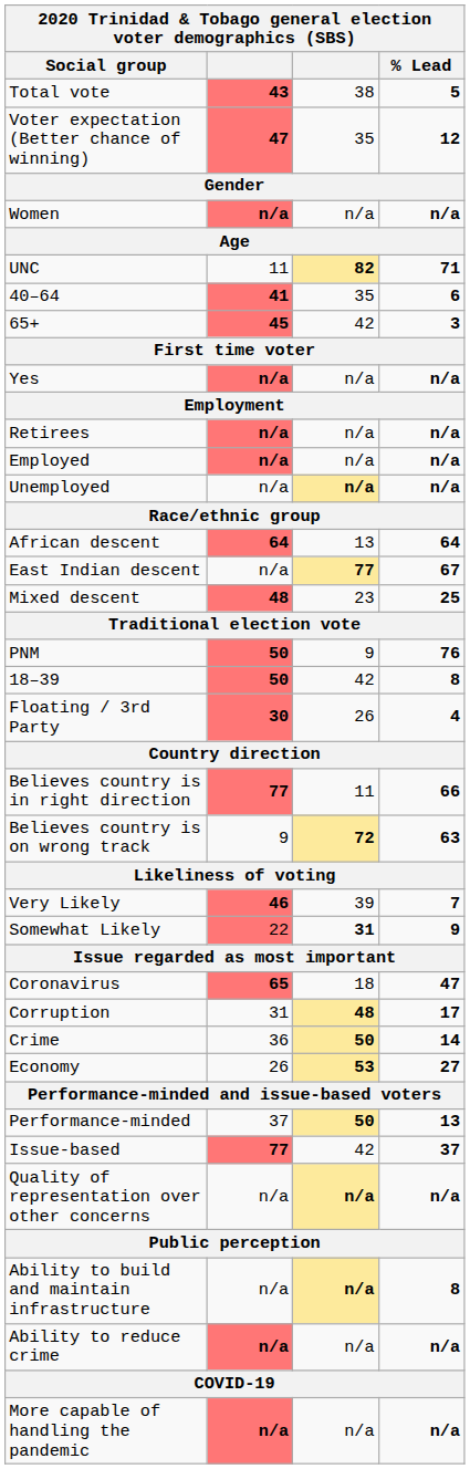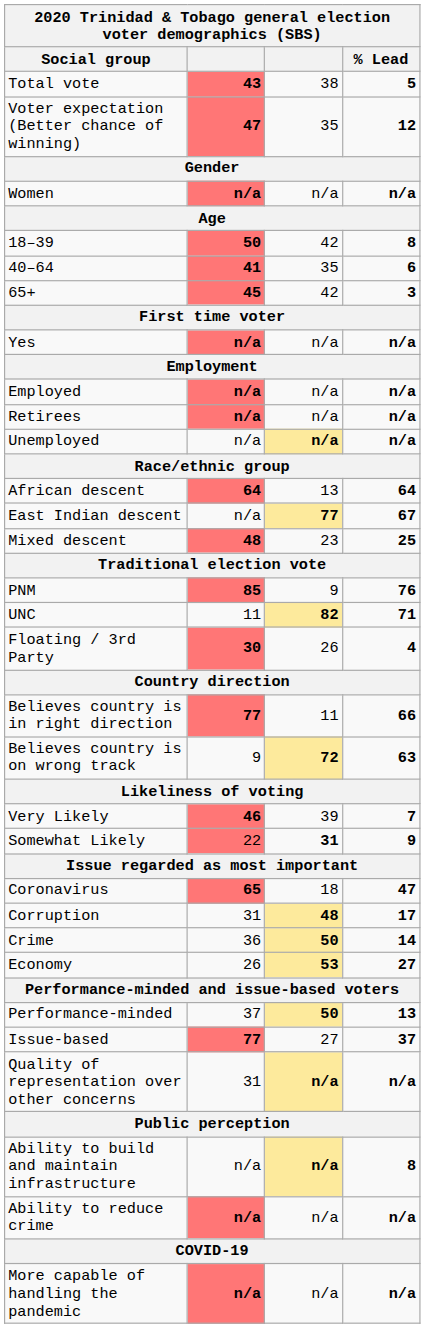 <table class=wikitable>
 <tr>
 <th colspan="4">2020 Trinidad & Tobago general election voter demographics (SBS)</th>
 </tr>
 <tr>
 <th style="width:150px;">Social group</th>
 <th style="width:60px;" class="unsortable" style="background:"><a href='#'></a></th>
 <th style="width:60px;" class="unsortable" style="background:"><a href='#'></a></th>
 <th style="width:60px;" class="unsortable">% Lead</th>
 </tr>
 <tr>
 <td>Total vote</td>
 <td style="text-align:right; background:#FF7676;"><strong>43</strong></td>
 <td style="text-align:right;">38</td>
 <td style="text-align:right; background:"><strong>5</strong></td>
 </tr>
 <tr>
 <td>Voter expectation (Better chance of winning)</td>
 <td style="text-align:right; background:#FF7676;"><strong>47</strong></td>
 <td style="text-align:right;">35</td>
 <td style="text-align:right; background:"><strong>12</strong></td>
 </tr>
 <tr>
 <th colspan="4">Gender</th>
 </tr>
 <tr>
 <td>Women</td>
 <td style="text-align:right; background:#FF7676;"><strong>n/a</strong></td>
 <td style="text-align:right;">n/a</td>
 <td style="text-align:right; background:"><strong>n/a</strong></td>
 </tr>
 <tr>
 <th colspan="4">Age</th>
 </tr>
 <tr>
-<td>UNC</td>
-<td style="text-align:right;">11</td>
-<td style="text-align:right; background:#FDEA9C;"><strong>82</strong></td>
-<td style="text-align:right; background:"><strong>71</strong></td>
+<td>18–39</td>
+<td style="text-align:right; background:#FF7676;"><strong>50</strong></td>
+<td style="text-align:right;">42</td>
+<td style="text-align:right; background:"><strong>8</strong></td>
 </tr>
 <tr>
 <td>40–64</td>
 <td style="text-align:right; background:#FF7676;"><strong>41</strong></td>
 <td style="text-align:right;">35</td>
 <td style="text-align:right; background:"><strong>6</strong></td>
 </tr>
 <tr>
 <td>65+</td>
 <td style="text-align:right; background:#FF7676;"><strong>45</strong></td>
 <td style="text-align:right;">42</td>
 <td style="text-align:right; background:"><strong>3</strong></td>
 </tr>
 <tr>
 <th colspan="4">First time voter</th>
 </tr>
 <tr>
 <td>Yes</td>
 <td style="text-align:right; background:#FF7676;"><strong>n/a</strong></td>
 <td style="text-align:right;">n/a</td>
 <td style="text-align:right; background:"><strong>n/a</strong></td>
 </tr>
 <tr>
 <th colspan="4">Employment</th>
 </tr>
 <tr>
-<td>Retirees</td>
+<td>Employed</td>
 <td style="text-align:right; background:#FF7676;"><strong>n/a</strong></td>
 <td style="text-align:right;">n/a</td>
 <td style="text-align:right; background:"><strong>n/a</strong></td>
 </tr>
 <tr>
-<td>Employed</td>
+<td>Retirees</td>
 <td style="text-align:right; background:#FF7676;"><strong>n/a</strong></td>
 <td style="text-align:right;">n/a</td>
 <td style="text-align:right; background:"><strong>n/a</strong></td>
 </tr>
 <tr>
 <td>Unemployed</td>
 <td style="text-align:right;">n/a</td>
 <td style="text-align:right; background:#FDEA9C;"><strong>n/a</strong></td>
 <td style="text-align:right; background:"><strong>n/a</strong></td>
 </tr>
 <tr>
 <th colspan="4">Race/ethnic group</th>
 </tr>
 <tr>
 <td>African descent</td>
 <td style="text-align:right; background:#FF7676;"><strong>64</strong></td>
 <td style="text-align:right;">13</td>
 <td style="text-align:right; background:"><strong>64</strong></td>
 </tr>
 <tr>
 <td>East Indian descent</td>
 <td style="text-align:right;">n/a</td>
 <td style="text-align:right; background:#FDEA9C;"><strong>77</strong></td>
 <td style="text-align:right; background:"><strong>67</strong></td>
 </tr>
 <tr>
 <td>Mixed descent</td>
 <td style="text-align:right; background:#FF7676;"><strong>48</strong></td>
 <td style="text-align:right;">23</td>
 <td style="text-align:right; background:"><strong>25</strong></td>
 </tr>
 <tr>
 <th colspan="4">Traditional election vote</th>
 </tr>
 <tr>
 <td>PNM</td>
-<td style="text-align:right; background:#FF7676;"><strong>50</strong></td>
+<td style="text-align:right; background:#FF7676;"><strong>85</strong></td>
 <td style="text-align:right;">9</td>
 <td style="text-align:right; background:"><strong>76</strong></td>
 </tr>
 <tr>
-<td>18–39</td>
-<td style="text-align:right; background:#FF7676;"><strong>50</strong></td>
-<td style="text-align:right;">42</td>
-<td style="text-align:right; background:"><strong>8</strong></td>
+<td>UNC</td>
+<td style="text-align:right;">11</td>
+<td style="text-align:right; background:#FDEA9C;"><strong>82</strong></td>
+<td style="text-align:right; background:"><strong>71</strong></td>
 </tr>
 <tr>
 <td>Floating / 3rd Party</td>
 <td style="text-align:right; background:#FF7676;"><strong>30</strong></td>
 <td style="text-align:right;">26</td>
 <td style="text-align:right; background:"><strong>4</strong></td>
 </tr>
 <tr>
 <th colspan="4">Country direction</th>
 </tr>
 <tr>
 <td>Believes country is in right direction</td>
 <td style="text-align:right; background:#FF7676;"><strong>77</strong></td>
 <td style="text-align:right;">11</td>
 <td style="text-align:right; background:"><strong>66</strong></td>
 </tr>
 <tr>
 <td>Believes country is on wrong track</td>
 <td style="text-align:right;">9</td>
 <td style="text-align:right; background:#FDEA9C;"><strong>72</strong></td>
 <td style="text-align:right; background:"><strong>63</strong></td>
 </tr>
 <tr>
 <th colspan="4">Likeliness of voting</th>
 </tr>
 <tr>
 <td>Very Likely</td>
 <td style="text-align:right; background:#FF7676;"><strong>46</strong></td>
 <td style="text-align:right;">39</td>
 <td style="text-align:right; background:"><strong>7</strong></td>
 </tr>
 <tr>
 <td>Somewhat Likely</td>
 <td style="text-align:right; background:#FF7676;">22</td>
 <td style="text-align:right;"><strong>31</strong></td>
 <td style="text-align:right; background:"><strong>9</strong></td>
 </tr>
 <tr>
 <th colspan="4">Issue regarded as most important</th>
 </tr>
 <tr>
 <td>Coronavirus</td>
 <td style="text-align:right; background:#FF7676;"><strong>65</strong></td>
 <td style="text-align:right;">18</td>
 <td style="text-align:right; background:"><strong>47</strong></td>
 </tr>
 <tr>
 <td>Corruption</td>
 <td style="text-align:right;">31</td>
 <td style="text-align:right;background:#FDEA9C;"><strong>48</strong></td>
 <td style="text-align:right; background:"><strong>17</strong></td>
 </tr>
 <tr>
 <td>Crime</td>
 <td style="text-align:right;">36</td>
 <td style="text-align:right; background:#FDEA9C;"><strong>50</strong></td>
 <td style="text-align:right; background:"><strong>14</strong></td>
 </tr>
 <tr>
 <td>Economy</td>
 <td style="text-align:right;">26</td>
 <td style="text-align:right; background:#FDEA9C;"><strong>53</strong></td>
 <td style="text-align:right; background:"><strong>27</strong></td>
 </tr>
 <tr>
 <th colspan="4">Performance-minded and issue-based voters</th>
 </tr>
 <tr>
 <td>Performance-minded</td>
 <td style="text-align:right;">37</td>
 <td style="text-align:right; background:#FDEA9C;"><strong>50</strong></td>
 <td style="text-align:right; background:"><strong>13</strong></td>
 </tr>
 <tr>
 <td>Issue-based</td>
 <td style="text-align:right; background:#FF7676;"><strong>77</strong></td>
-<td style="text-align:right;">42</td>
+<td style="text-align:right;">27</td>
 <td style="text-align:right; background:"><strong>37</strong></td>
 </tr>
 <tr>
 <td>Quality of representation over other concerns</td>
-<td style="text-align:right;">n/a</td>
+<td style="text-align:right;">31</td>
 <td style="text-align:right; background:#FDEA9C;"><strong>n/a</strong></td>
 <td style="text-align:right; background:"><strong>n/a</strong></td>
 </tr>
 <tr>
 <th colspan="4">Public perception</th>
 </tr>
 <tr>
 <td>Ability to build and maintain infrastructure</td>
 <td style="text-align:right;">n/a</td>
 <td style="text-align:right; background:#FDEA9C;"><strong>n/a</strong></td>
 <td style="text-align:right; background:"><strong>8</strong></td>
 </tr>
 <tr>
 <td>Ability to reduce crime</td>
 <td style="text-align:right; background:#FF7676;"><strong>n/a</strong></td>
 <td style="text-align:right;">n/a</td>
 <td style="text-align:right; background:"><strong>n/a</strong></td>
 </tr>
 <tr>
 <th colspan="4">COVID-19</th>
 </tr>
 <tr>
 <td>More capable of handling the pandemic</td>
 <td style="text-align:right; background:#FF7676;"><strong>n/a</strong></td>
 <td style="text-align:right;">n/a</td>
 <td style="text-align:right; background:"><strong>n/a</strong></td>
 </tr>
 </table>
